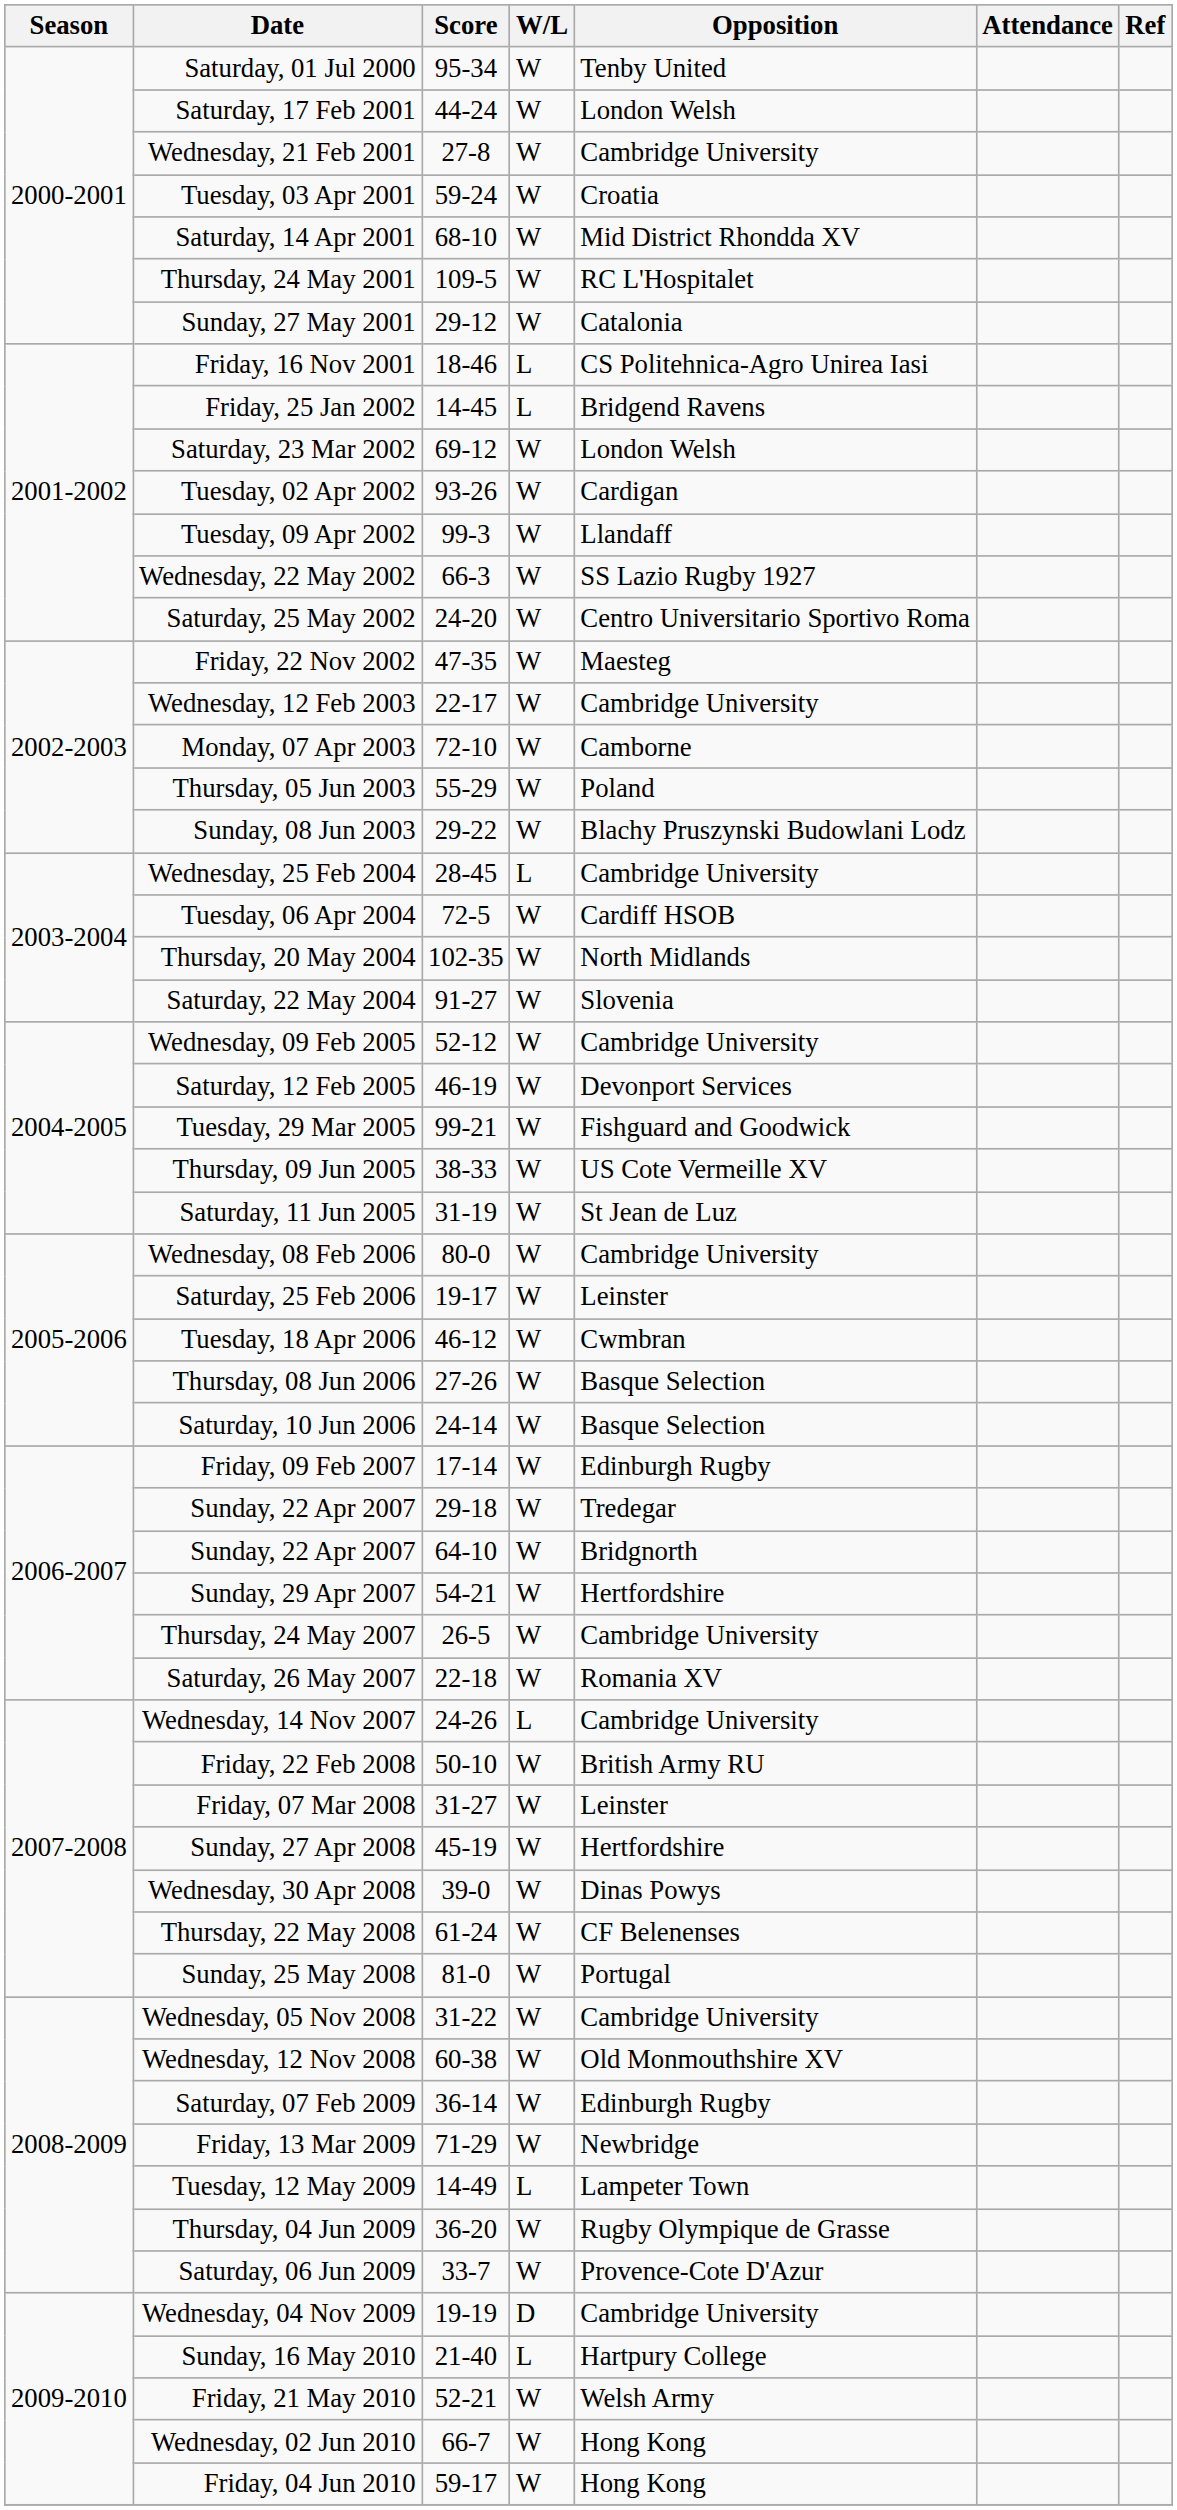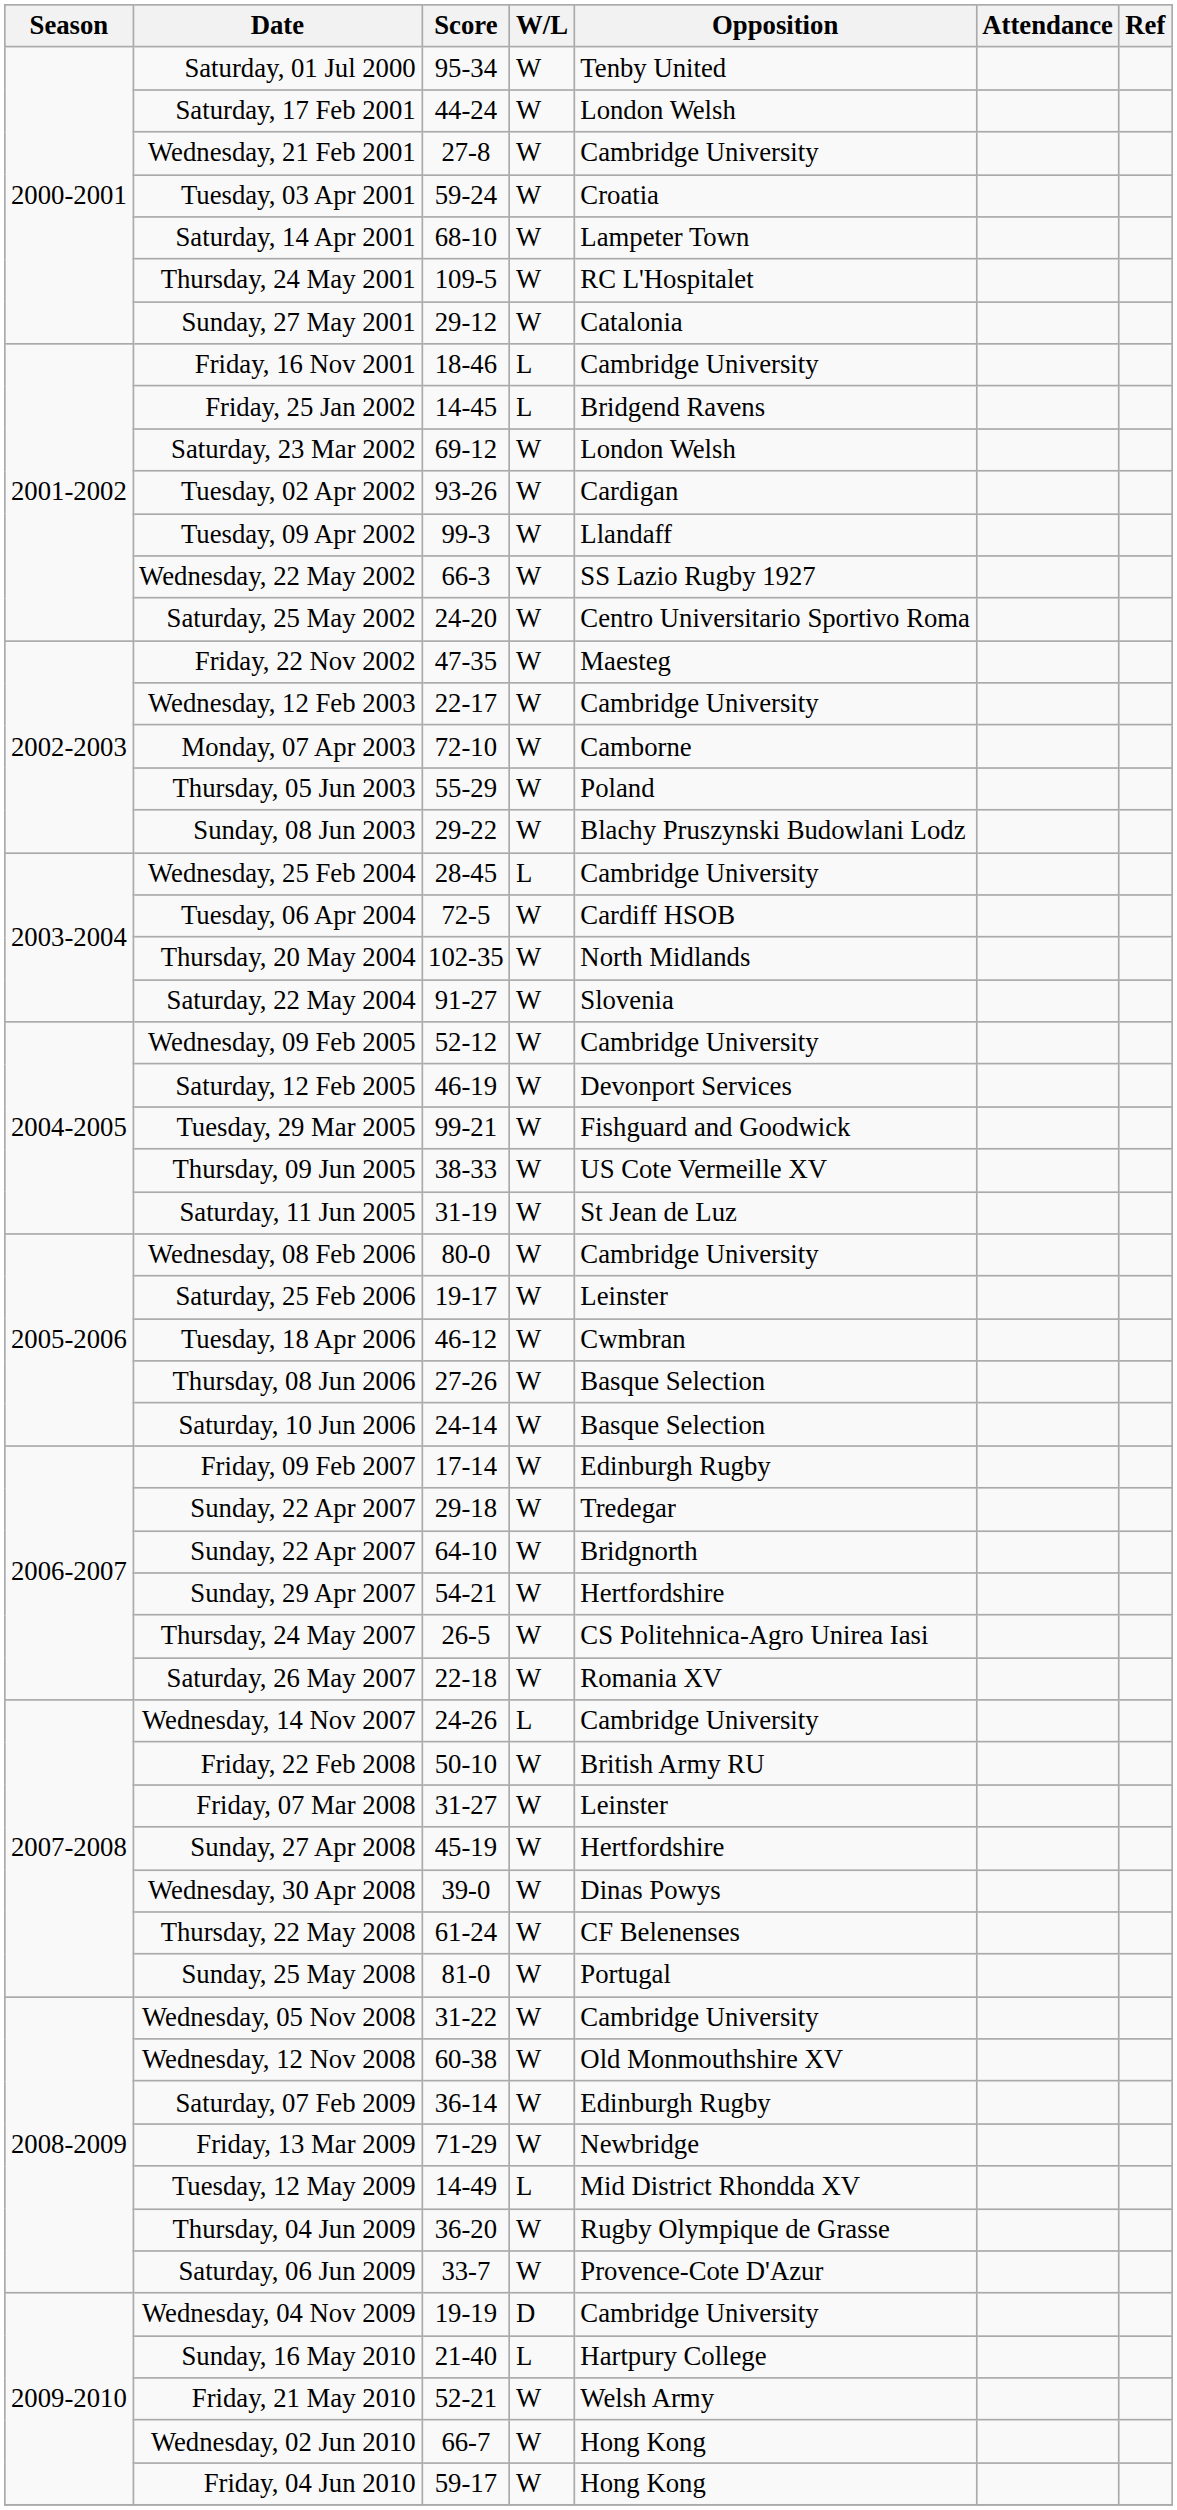 <table class="wikitable">
 <tr>
 <th>Season</th>
 <th>Date</th>
 <th>Score</th>
 <th>W/L</th>
 <th>Opposition</th>
 <th>Attendance</th>
 <th>Ref</th>
 </tr>
 <tr>
 <td rowspan=7>2000-2001</td>
 <td style="text-align:right;">Saturday, 01 Jul 2000</td>
 <td style="text-align:center;">95-34</td>
 <td style="text-align:left;">W</td>
 <td>Tenby United</td>
 <td></td>
 </tr>
 <tr>
 <td style="text-align:right;">Saturday, 17 Feb 2001</td>
 <td style="text-align:center;">44-24</td>
 <td style="text-align:left;">W</td>
 <td>London Welsh</td>
 <td></td>
 <td></td>
 </tr>
 <tr>
 <td style="text-align:right;">Wednesday, 21 Feb 2001</td>
 <td style="text-align:center;">27-8</td>
 <td style="text-align:left;">W</td>
 <td>Cambridge University</td>
 <td></td>
 <td></td>
 </tr>
 <tr>
 <td style="text-align:right;">Tuesday, 03 Apr 2001</td>
 <td style="text-align:center;">59-24</td>
 <td style="text-align:left;">W</td>
 <td>Croatia</td>
 <td></td>
 <td></td>
 </tr>
 <tr>
 <td style="text-align:right;">Saturday, 14 Apr 2001</td>
 <td style="text-align:center;">68-10</td>
 <td style="text-align:left;">W</td>
-<td>Mid District Rhondda XV</td>
+<td>Lampeter Town</td>
 <td></td>
 <td></td>
 </tr>
 <tr>
 <td style="text-align:right;">Thursday, 24 May 2001</td>
 <td style="text-align:center;">109-5</td>
 <td style="text-align:left;">W</td>
 <td>RC L'Hospitalet</td>
 <td></td>
 <td></td>
 </tr>
 <tr>
 <td style="text-align:right;">Sunday, 27 May 2001</td>
 <td style="text-align:center;">29-12</td>
 <td style="text-align:left;">W</td>
 <td>Catalonia</td>
 <td></td>
 <td></td>
 </tr>
 <tr>
 <td rowspan=7>2001-2002</td>
 <td style="text-align:right;">Friday, 16 Nov 2001</td>
 <td style="text-align:center;">18-46</td>
 <td style="text-align:left;">L</td>
-<td>CS Politehnica-Agro Unirea Iasi</td>
+<td>Cambridge University</td>
 <td></td>
 </tr>
 <tr>
 <td style="text-align:right;">Friday, 25 Jan 2002</td>
 <td style="text-align:center;">14-45</td>
 <td style="text-align:left;">L</td>
 <td>Bridgend Ravens</td>
 <td></td>
 <td></td>
 </tr>
 <tr>
 <td style="text-align:right;">Saturday, 23 Mar 2002</td>
 <td style="text-align:center;">69-12</td>
 <td style="text-align:left;">W</td>
 <td>London Welsh</td>
 <td></td>
 <td></td>
 </tr>
 <tr>
 <td style="text-align:right;">Tuesday, 02 Apr 2002</td>
 <td style="text-align:center;">93-26</td>
 <td style="text-align:left;">W</td>
 <td>Cardigan</td>
 <td></td>
 <td></td>
 </tr>
 <tr>
 <td style="text-align:right;">Tuesday, 09 Apr 2002</td>
 <td style="text-align:center;">99-3</td>
 <td style="text-align:left;">W</td>
 <td>Llandaff</td>
 <td></td>
 <td></td>
 </tr>
 <tr>
 <td style="text-align:right;">Wednesday, 22 May 2002</td>
 <td style="text-align:center;">66-3</td>
 <td style="text-align:left;">W</td>
 <td>SS Lazio Rugby 1927</td>
 <td></td>
 <td></td>
 </tr>
 <tr>
 <td style="text-align:right;">Saturday, 25 May 2002</td>
 <td style="text-align:center;">24-20</td>
 <td style="text-align:left;">W</td>
 <td>Centro Universitario Sportivo Roma</td>
 <td></td>
 <td></td>
 </tr>
 <tr>
 <td rowspan=5>2002-2003</td>
 <td style="text-align:right;">Friday, 22 Nov 2002</td>
 <td style="text-align:center;">47-35</td>
 <td style="text-align:left;">W</td>
 <td>Maesteg</td>
 <td></td>
 </tr>
 <tr>
 <td style="text-align:right;">Wednesday, 12 Feb 2003</td>
 <td style="text-align:center;">22-17</td>
 <td style="text-align:left;">W</td>
 <td>Cambridge University</td>
 <td></td>
 <td></td>
 </tr>
 <tr>
 <td style="text-align:right;">Monday, 07 Apr 2003</td>
 <td style="text-align:center;">72-10</td>
 <td style="text-align:left;">W</td>
 <td>Camborne</td>
 <td></td>
 <td></td>
 </tr>
 <tr>
 <td style="text-align:right;">Thursday, 05 Jun 2003</td>
 <td style="text-align:center;">55-29</td>
 <td style="text-align:left;">W</td>
 <td>Poland</td>
 <td></td>
 <td></td>
 </tr>
 <tr>
 <td style="text-align:right;">Sunday, 08 Jun 2003</td>
 <td style="text-align:center;">29-22</td>
 <td style="text-align:left;">W</td>
 <td>Blachy Pruszynski Budowlani Lodz</td>
 <td></td>
 <td></td>
 </tr>
 <tr>
 <td rowspan=4>2003-2004</td>
 <td style="text-align:right;">Wednesday, 25 Feb 2004</td>
 <td style="text-align:center;">28-45</td>
 <td style="text-align:left;">L</td>
 <td>Cambridge University</td>
 <td></td>
 <td></td>
 </tr>
 <tr>
 <td style="text-align:right;">Tuesday, 06 Apr 2004</td>
 <td style="text-align:center;">72-5</td>
 <td style="text-align:left;">W</td>
 <td>Cardiff HSOB</td>
 <td></td>
 <td></td>
 </tr>
 <tr>
 <td style="text-align:right;">Thursday, 20 May 2004</td>
 <td style="text-align:center;">102-35</td>
 <td style="text-align:left;">W</td>
 <td>North Midlands</td>
 <td></td>
 </tr>
 <tr>
 <td style="text-align:right;">Saturday, 22 May 2004</td>
 <td style="text-align:center;">91-27</td>
 <td style="text-align:left;">W</td>
 <td>Slovenia</td>
 <td></td>
 <td></td>
 </tr>
 <tr>
 <td rowspan=5>2004-2005</td>
 <td style="text-align:right;">Wednesday, 09 Feb 2005</td>
 <td style="text-align:center;">52-12</td>
 <td style="text-align:left;">W</td>
 <td>Cambridge University</td>
 <td></td>
 </tr>
 <tr>
 <td style="text-align:right;">Saturday, 12 Feb 2005</td>
 <td style="text-align:center;">46-19</td>
 <td style="text-align:left;">W</td>
 <td>Devonport Services</td>
 <td></td>
 <td></td>
 </tr>
 <tr>
 <td style="text-align:right;">Tuesday, 29 Mar 2005</td>
 <td style="text-align:center;">99-21</td>
 <td style="text-align:left;">W</td>
 <td>Fishguard and Goodwick</td>
 <td></td>
 <td></td>
 </tr>
 <tr>
 <td style="text-align:right;">Thursday, 09 Jun 2005</td>
 <td style="text-align:center;">38-33</td>
 <td style="text-align:left;">W</td>
 <td>US Cote Vermeille XV</td>
 <td></td>
 <td></td>
 </tr>
 <tr>
 <td style="text-align:right;">Saturday, 11 Jun 2005</td>
 <td style="text-align:center;">31-19</td>
 <td style="text-align:left;">W</td>
 <td>St Jean de Luz</td>
 <td></td>
 <td></td>
 </tr>
 <tr>
 <td rowspan=5>2005-2006</td>
 <td style="text-align:right;">Wednesday, 08 Feb 2006</td>
 <td style="text-align:center;">80-0</td>
 <td style="text-align:left;">W</td>
 <td>Cambridge University</td>
 <td></td>
 </tr>
 <tr>
 <td style="text-align:right;">Saturday, 25 Feb 2006</td>
 <td style="text-align:center;">19-17</td>
 <td style="text-align:left;">W</td>
 <td>Leinster</td>
 <td></td>
 <td></td>
 </tr>
 <tr>
 <td style="text-align:right;">Tuesday, 18 Apr 2006</td>
 <td style="text-align:center;">46-12</td>
 <td style="text-align:left;">W</td>
 <td>Cwmbran</td>
 <td></td>
 <td></td>
 </tr>
 <tr>
 <td style="text-align:right;">Thursday, 08 Jun 2006</td>
 <td style="text-align:center;">27-26</td>
 <td style="text-align:left;">W</td>
 <td>Basque Selection</td>
 <td></td>
 <td></td>
 </tr>
 <tr>
 <td style="text-align:right;">Saturday, 10 Jun 2006</td>
 <td style="text-align:center;">24-14</td>
 <td style="text-align:left;">W</td>
 <td>Basque Selection</td>
 <td></td>
 <td></td>
 </tr>
 <tr>
 <td rowspan=6>2006-2007</td>
 <td style="text-align:right;">Friday, 09 Feb 2007</td>
 <td style="text-align:center;">17-14</td>
 <td style="text-align:left;">W</td>
 <td>Edinburgh Rugby</td>
 <td></td>
 </tr>
 <tr>
 <td style="text-align:right;">Sunday, 22 Apr 2007</td>
 <td style="text-align:center;">29-18</td>
 <td style="text-align:left;">W</td>
 <td>Tredegar</td>
 <td></td>
 <td></td>
 </tr>
 <tr>
 <td style="text-align:right;">Sunday, 22 Apr 2007</td>
 <td style="text-align:center;">64-10</td>
 <td style="text-align:left;">W</td>
 <td>Bridgnorth</td>
 <td></td>
 <td></td>
 </tr>
 <tr>
 <td style="text-align:right;">Sunday, 29 Apr 2007</td>
 <td style="text-align:center;">54-21</td>
 <td style="text-align:left;">W</td>
 <td>Hertfordshire</td>
 <td></td>
 <td></td>
 </tr>
 <tr>
 <td style="text-align:right;">Thursday, 24 May 2007</td>
 <td style="text-align:center;">26-5</td>
 <td style="text-align:left;">W</td>
-<td>Cambridge University</td>
+<td>CS Politehnica-Agro Unirea Iasi</td>
 <td></td>
 <td></td>
 </tr>
 <tr>
 <td style="text-align:right;">Saturday, 26 May 2007</td>
 <td style="text-align:center;">22-18</td>
 <td style="text-align:left;">W</td>
 <td>Romania XV</td>
 <td></td>
 <td></td>
 </tr>
 <tr>
 <td rowspan=7>2007-2008</td>
 <td style="text-align:right;">Wednesday, 14 Nov 2007</td>
 <td style="text-align:center;">24-26</td>
 <td style="text-align:left;">L</td>
 <td>Cambridge University</td>
 <td></td>
 </tr>
 <tr>
 <td style="text-align:right;">Friday, 22 Feb 2008</td>
 <td style="text-align:center;">50-10</td>
 <td style="text-align:left;">W</td>
 <td>British Army RU</td>
 <td></td>
 <td></td>
 </tr>
 <tr>
 <td style="text-align:right;">Friday, 07 Mar 2008</td>
 <td style="text-align:center;">31-27</td>
 <td style="text-align:left;">W</td>
 <td>Leinster</td>
 <td></td>
 <td></td>
 </tr>
 <tr>
 <td style="text-align:right;">Sunday, 27 Apr 2008</td>
 <td style="text-align:center;">45-19</td>
 <td style="text-align:left;">W</td>
 <td>Hertfordshire</td>
 <td></td>
 <td></td>
 </tr>
 <tr>
 <td style="text-align:right;">Wednesday, 30 Apr 2008</td>
 <td style="text-align:center;">39-0</td>
 <td style="text-align:left;">W</td>
 <td>Dinas Powys</td>
 <td></td>
 <td></td>
 </tr>
 <tr>
 <td style="text-align:right;">Thursday, 22 May 2008</td>
 <td style="text-align:center;">61-24</td>
 <td style="text-align:left;">W</td>
 <td>CF Belenenses</td>
 <td></td>
 <td></td>
 </tr>
 <tr>
 <td style="text-align:right;">Sunday, 25 May 2008</td>
 <td style="text-align:center;">81-0</td>
 <td style="text-align:left;">W</td>
 <td>Portugal</td>
 <td></td>
 <td></td>
 </tr>
 <tr>
 <td rowspan=7>2008-2009</td>
 <td style="text-align:right;">Wednesday, 05 Nov 2008</td>
 <td style="text-align:center;">31-22</td>
 <td style="text-align:left;">W</td>
 <td>Cambridge University</td>
 <td></td>
 </tr>
 <tr>
 <td style="text-align:right;">Wednesday, 12 Nov 2008</td>
 <td style="text-align:center;">60-38</td>
 <td style="text-align:left;">W</td>
 <td>Old Monmouthshire XV</td>
 <td></td>
 <td></td>
 </tr>
 <tr>
 <td style="text-align:right;">Saturday, 07 Feb 2009</td>
 <td style="text-align:center;">36-14</td>
 <td style="text-align:left;">W</td>
 <td>Edinburgh Rugby</td>
 <td></td>
 <td></td>
 </tr>
 <tr>
 <td style="text-align:right;">Friday, 13 Mar 2009</td>
 <td style="text-align:center;">71-29</td>
 <td style="text-align:left;">W</td>
 <td>Newbridge</td>
 <td></td>
 <td></td>
 </tr>
 <tr>
 <td style="text-align:right;">Tuesday, 12 May 2009</td>
 <td style="text-align:center;">14-49</td>
 <td style="text-align:left;">L</td>
-<td>Lampeter Town</td>
+<td>Mid District Rhondda XV</td>
 <td></td>
 <td></td>
 </tr>
 <tr>
 <td style="text-align:right;">Thursday, 04 Jun 2009</td>
 <td style="text-align:center;">36-20</td>
 <td style="text-align:left;">W</td>
 <td>Rugby Olympique de Grasse</td>
 <td></td>
 <td></td>
 </tr>
 <tr>
 <td style="text-align:right;">Saturday, 06 Jun 2009</td>
 <td style="text-align:center;">33-7</td>
 <td style="text-align:left;">W</td>
 <td>Provence-Cote D'Azur</td>
 <td></td>
 <td></td>
 </tr>
 <tr>
 <td rowspan=5>2009-2010</td>
 <td style="text-align:right;">Wednesday, 04 Nov 2009</td>
 <td style="text-align:center;">19-19</td>
 <td style="text-align:left;">D</td>
 <td>Cambridge University</td>
 <td></td>
 </tr>
 <tr>
 <td style="text-align:right;">Sunday, 16 May 2010</td>
 <td style="text-align:center;">21-40</td>
 <td style="text-align:left;">L</td>
 <td>Hartpury College</td>
 <td></td>
 <td></td>
 </tr>
 <tr>
 <td style="text-align:right;">Friday, 21 May 2010</td>
 <td style="text-align:center;">52-21</td>
 <td style="text-align:left;">W</td>
 <td>Welsh Army</td>
 <td></td>
 <td></td>
 </tr>
 <tr>
 <td style="text-align:right;">Wednesday, 02 Jun 2010</td>
 <td style="text-align:center;">66-7</td>
 <td style="text-align:left;">W</td>
 <td>Hong Kong</td>
 <td></td>
 <td></td>
 </tr>
 <tr>
 <td style="text-align:right;">Friday, 04 Jun 2010</td>
 <td style="text-align:center;">59-17</td>
 <td style="text-align:left;">W</td>
 <td>Hong Kong</td>
 <td></td>
 <td></td>
 </tr>
 <tr>
 </tr>
 </table>
